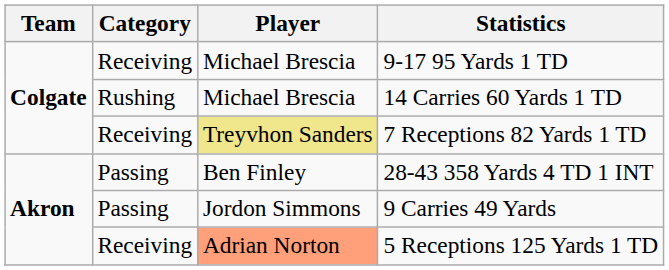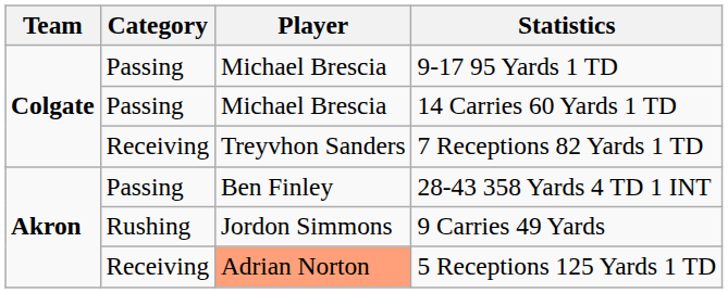 <table class="wikitable" style="float: right;">
 <tr>
 <th>Team</th>
 <th>Category</th>
 <th>Player</th>
 <th>Statistics</th>
 </tr>
 <tr>
 <td rowspan=3><strong>Colgate</strong></td>
-<td>Receiving</td>
+<td>Passing</td>
 <td>Michael Brescia</td>
 <td>9-17 95 Yards 1 TD</td>
 </tr>
 <tr>
-<td>Rushing</td>
+<td>Passing</td>
 <td>Michael Brescia</td>
 <td>14 Carries 60 Yards 1 TD</td>
 </tr>
 <tr>
 <td>Receiving</td>
-<td style="background: khaki;">Treyvhon Sanders</td>
+<td>Treyvhon Sanders</td>
 <td>7 Receptions 82 Yards 1 TD</td>
 </tr>
 <tr>
 <td rowspan=3><strong>Akron</strong></td>
 <td>Passing</td>
 <td>Ben Finley</td>
 <td>28-43 358 Yards 4 TD 1 INT</td>
 </tr>
 <tr>
-<td>Passing</td>
+<td>Rushing</td>
 <td>Jordon Simmons</td>
 <td>9 Carries 49 Yards</td>
 </tr>
 <tr>
 <td>Receiving</td>
 <td style="background: lightsalmon;">Adrian Norton</td>
 <td>5 Receptions 125 Yards 1 TD</td>
 </tr>
 </table>
